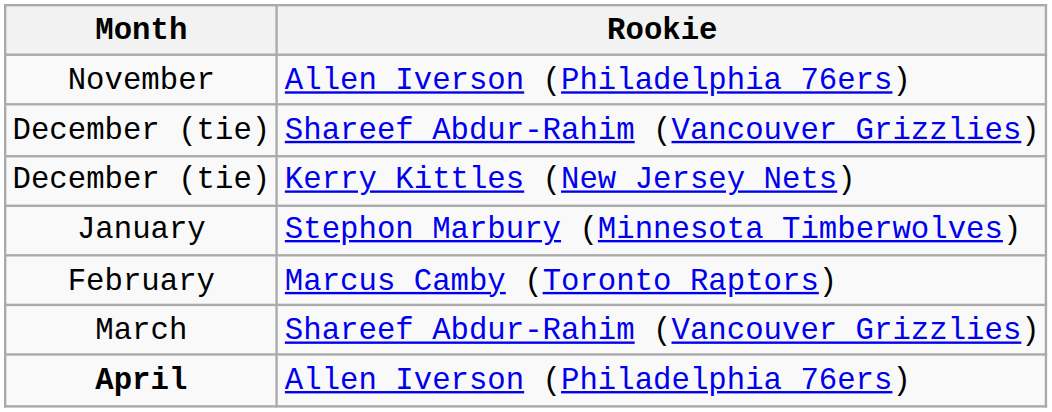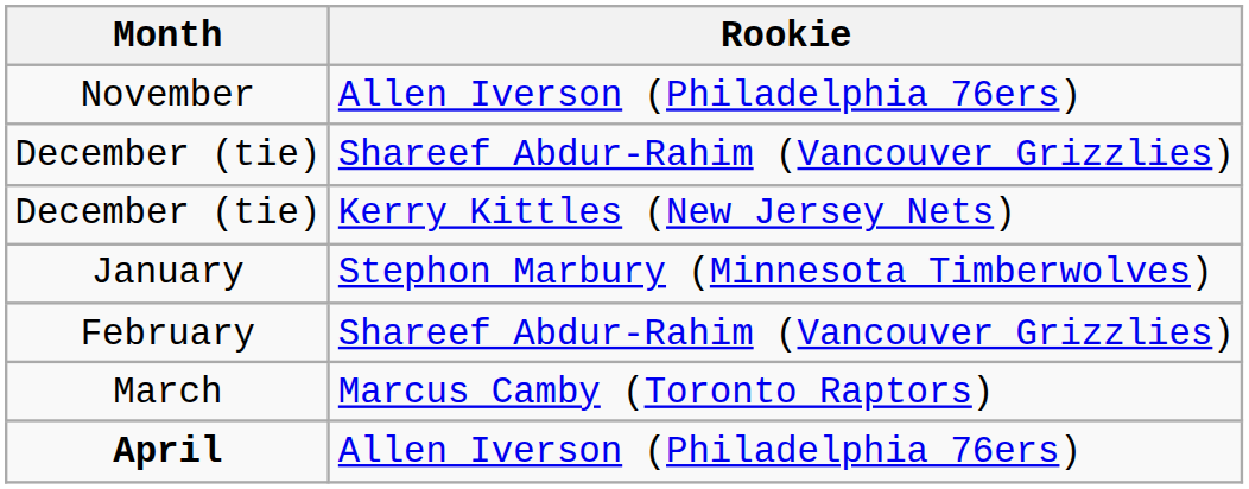 <table class="wikitable">
 <tr>
 <th>Month</th>
 <th>Rookie</th>
 </tr>
 <tr>
 <td align=center>November</td>
 <td><a href='#'>Allen Iverson</a> (<a href='#'>Philadelphia 76ers</a>)</td>
 </tr>
 <tr>
 <td align=center>December (tie)</td>
 <td><a href='#'>Shareef Abdur-Rahim</a> (<a href='#'>Vancouver Grizzlies</a>)</td>
 </tr>
 <tr>
 <td align=center>December (tie)</td>
 <td><a href='#'>Kerry Kittles</a> (<a href='#'>New Jersey Nets</a>)</td>
 </tr>
 <tr>
 <td align=center>January</td>
 <td><a href='#'>Stephon Marbury</a> (<a href='#'>Minnesota Timberwolves</a>)</td>
 </tr>
 <tr>
 <td align=center>February</td>
-<td><a href='#'>Marcus Camby</a> (<a href='#'>Toronto Raptors</a>)</td>
+<td><a href='#'>Shareef Abdur-Rahim</a> (<a href='#'>Vancouver Grizzlies</a>)</td>
 </tr>
 <tr>
 <td align=center>March</td>
-<td><a href='#'>Shareef Abdur-Rahim</a> (<a href='#'>Vancouver Grizzlies</a>)</td>
+<td><a href='#'>Marcus Camby</a> (<a href='#'>Toronto Raptors</a>)</td>
 </tr>
 <tr>
 <td align=center><strong>April</strong></td>
 <td><a href='#'>Allen Iverson</a> (<a href='#'>Philadelphia 76ers</a>)</td>
 </tr>
 </table>
